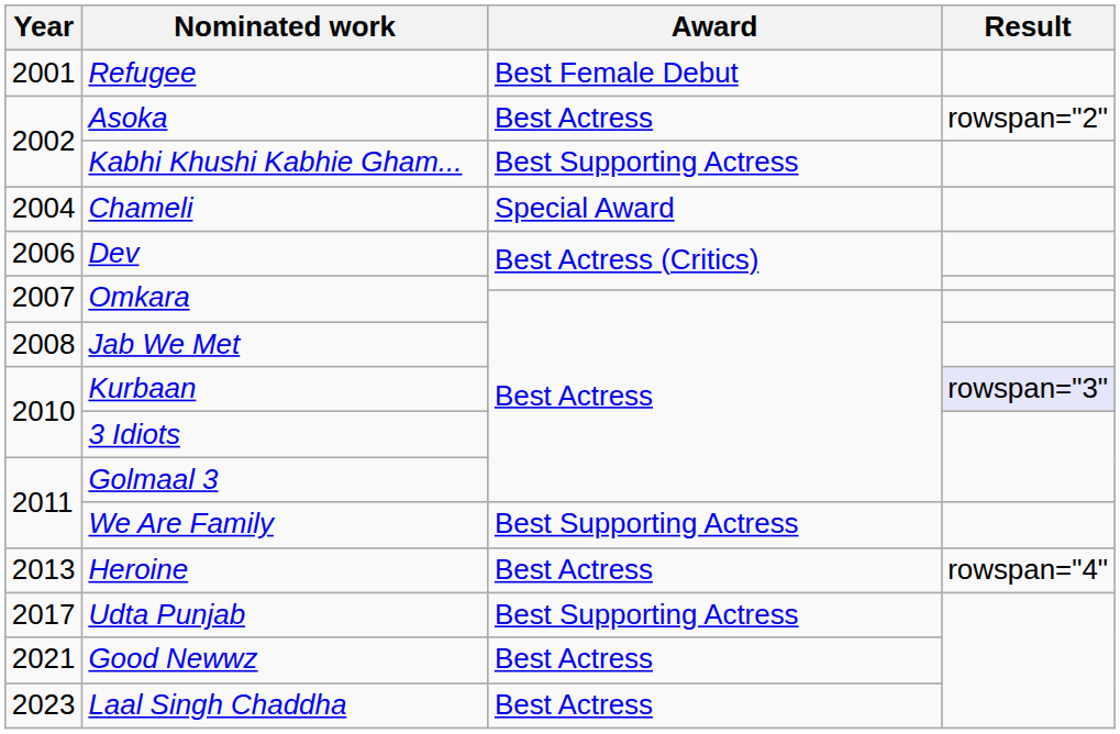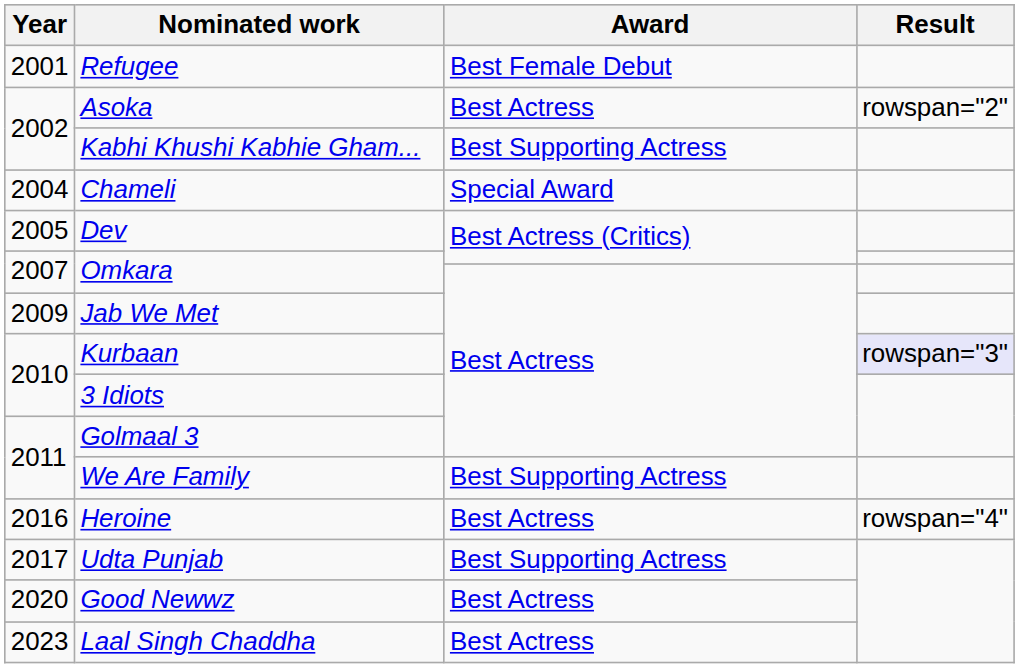 <table class="wikitable sortable" width=100%>
 <tr>
 <th width=5%>Year</th>
 <th width=40%>Nominated work</th>
 <th width=45%>Award</th>
 <th width=10%>Result</th>
 </tr>
 <tr>
 <td>2001</td>
 <td><em><a href='#'>Refugee</a></em></td>
 <td><a href='#'>Best Female Debut</a></td>
 <td></td>
 </tr>
 <tr>
 <td rowspan="2">2002</td>
 <td><em><a href='#'>Asoka</a></em></td>
 <td><a href='#'>Best Actress</a></td>
 <td>rowspan="2"</td>
 </tr>
 <tr>
 <td><em><a href='#'>Kabhi Khushi Kabhie Gham...</a></em></td>
 <td><a href='#'>Best Supporting Actress</a></td>
 </tr>
 <tr>
 <td>2004</td>
 <td><em><a href='#'>Chameli</a></em></td>
 <td><a href='#'>Special Award</a></td>
 <td></td>
 </tr>
 <tr>
-<td>2006</td>
+<td>2005</td>
 <td><em><a href='#'>Dev</a></em></td>
 <td rowspan="2"><a href='#'>Best Actress (Critics)</a></td>
 <td></td>
 </tr>
 <tr>
 <td rowspan="2">2007</td>
 <td rowspan="2"><em><a href='#'>Omkara</a></em></td>
 <td></td>
 </tr>
 <tr>
 <td rowspan="5"><a href='#'>Best Actress</a></td>
 <td></td>
 </tr>
 <tr>
-<td>2008</td>
+<td>2009</td>
 <td><em><a href='#'>Jab We Met</a></em></td>
 <td></td>
 </tr>
 <tr>
 <td rowspan="2">2010</td>
 <td><em><a href='#'>Kurbaan</a></em></td>
 <td style="background: lavender;">rowspan="3"</td>
 </tr>
 <tr>
 <td><em><a href='#'>3 Idiots</a></em></td>
 </tr>
 <tr>
 <td rowspan="2">2011</td>
 <td><em><a href='#'>Golmaal 3</a></em></td>
 </tr>
 <tr>
 <td><em><a href='#'>We Are Family</a></em></td>
 <td><a href='#'>Best Supporting Actress</a></td>
 <td></td>
 </tr>
 <tr>
-<td>2013</td>
+<td>2016</td>
 <td><em><a href='#'>Heroine</a></em></td>
 <td><a href='#'>Best Actress</a></td>
 <td>rowspan="4"</td>
 </tr>
 <tr>
 <td rowspan="1">2017</td>
 <td><em><a href='#'>Udta Punjab</a></em></td>
 <td><a href='#'>Best Supporting Actress</a></td>
 </tr>
 <tr>
-<td rowspan="1">2021</td>
+<td rowspan="1">2020</td>
 <td><em><a href='#'>Good Newwz</a></em></td>
 <td><a href='#'>Best Actress</a></td>
 </tr>
 <tr>
 <td>2023</td>
 <td><em><a href='#'>Laal Singh Chaddha</a></em></td>
 <td><a href='#'>Best Actress</a></td>
 </tr>
 </table>
